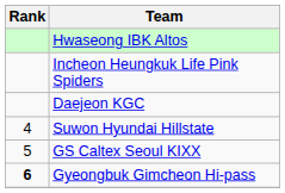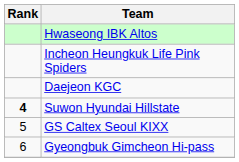 <table class="wikitable" style="text-align: center;">
 <tr>
 <th width=40>Rank</th>
 <th width=240>Team</th>
 </tr>
 <tr bgcolor=#ccffcc>
 <td></td>
 <td align=left><a href='#'>Hwaseong IBK Altos</a></td>
 </tr>
 <tr>
 <td></td>
 <td align=left><a href='#'>Incheon Heungkuk Life Pink Spiders</a></td>
 </tr>
 <tr>
 <td></td>
 <td align=left><a href='#'>Daejeon KGC</a></td>
 </tr>
 <tr>
-<td>4</td>
+<td><strong>4</strong></td>
 <td align=left><a href='#'>Suwon Hyundai Hillstate</a></td>
 </tr>
 <tr>
 <td>5</td>
 <td align=left><a href='#'>GS Caltex Seoul KIXX</a></td>
 </tr>
 <tr>
-<td><strong>6</strong></td>
+<td>6</td>
 <td align=left><a href='#'>Gyeongbuk Gimcheon Hi-pass</a></td>
 </tr>
 <tr>
 </tr>
 </table>
